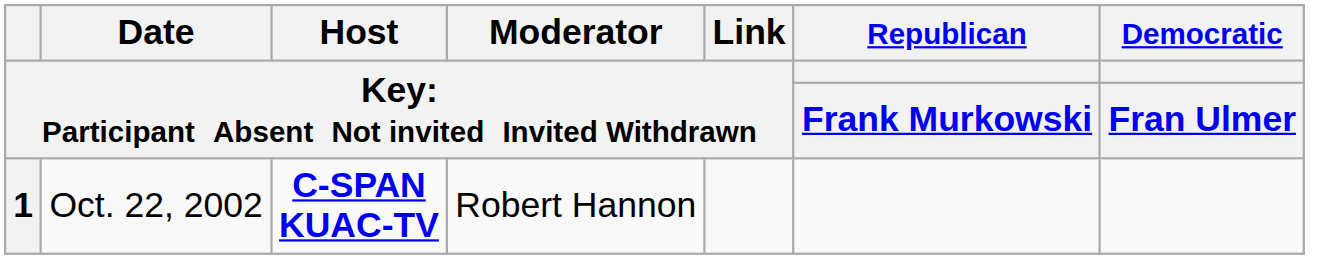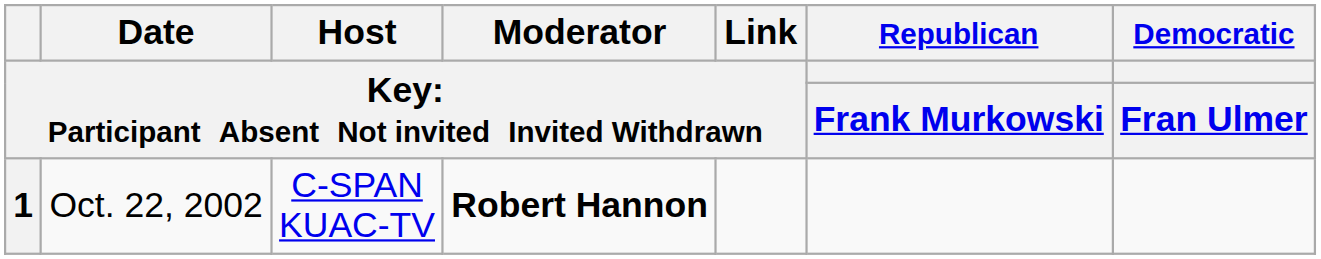 <table class="wikitable" style="text-align:center;">
 <tr>
 <th scope="col"></th>
 <th scope="col">Date</th>
 <th scope="col">Host</th>
 <th scope="col">Moderator</th>
 <th scope="col">Link</th>
 <th scope="col"><small><a href='#'>Republican</a></small></th>
 <th scope="col"><small><a href='#'>Democratic</a></small></th>
 </tr>
 <tr>
 <th colspan="5" rowspan="2">Key:<br> <small>Participant </small>  <small>Absent </small>  <small>Not invited </small>  <small>Invited  Withdrawn</small></th>
 <th scope="col" style="background:"></th>
 <th scope="col" style="background:"></th>
 </tr>
 <tr>
 <th scope="col"><a href='#'>Frank Murkowski</a></th>
 <th scope="col"><a href='#'>Fran Ulmer</a></th>
 </tr>
 <tr>
 <th>1</th>
 <td style="white-space:nowrap;">Oct. 22, 2002</td>
-<td style="white-space:nowrap;"><strong><a href='#'>C-SPAN</a><br><a href='#'>KUAC-TV</a></strong></td>
-<td style="white-space:nowrap;">Robert Hannon</td>
+<td style="white-space:nowrap;"><a href='#'>C-SPAN</a><br><a href='#'>KUAC-TV</a></td>
+<td style="white-space:nowrap;"><strong>Robert Hannon</strong></td>
 <td style="white-space:nowrap;"></td>
 <td></td>
 <td></td>
 </tr>
 </table>
